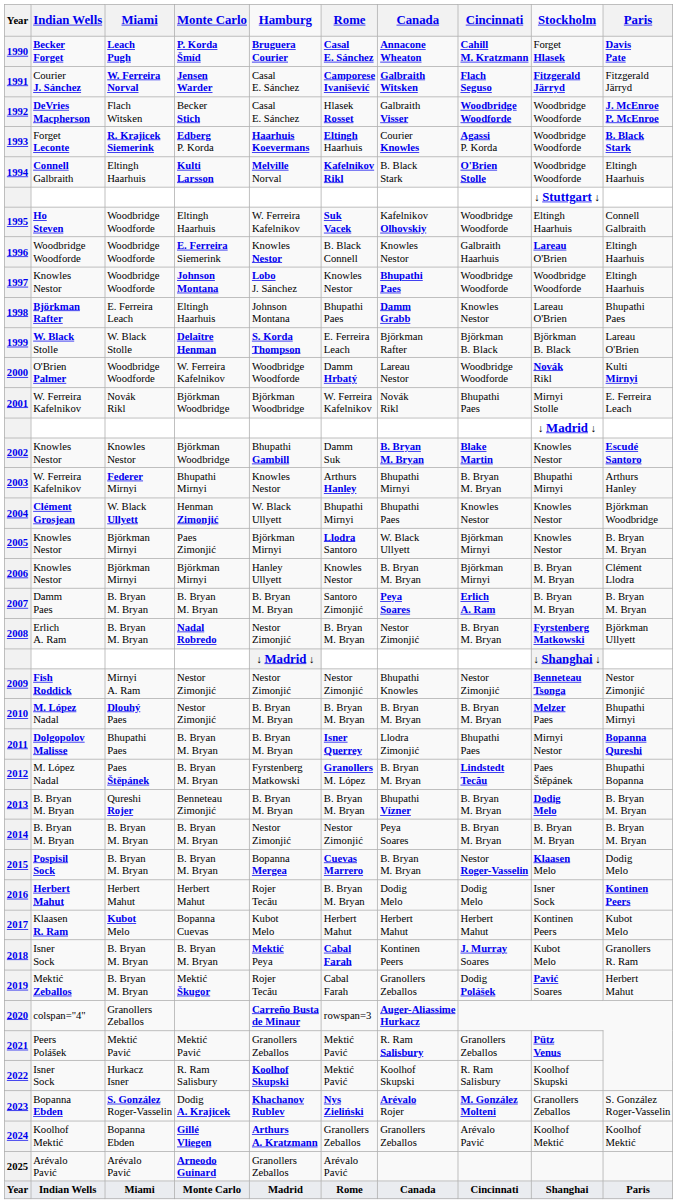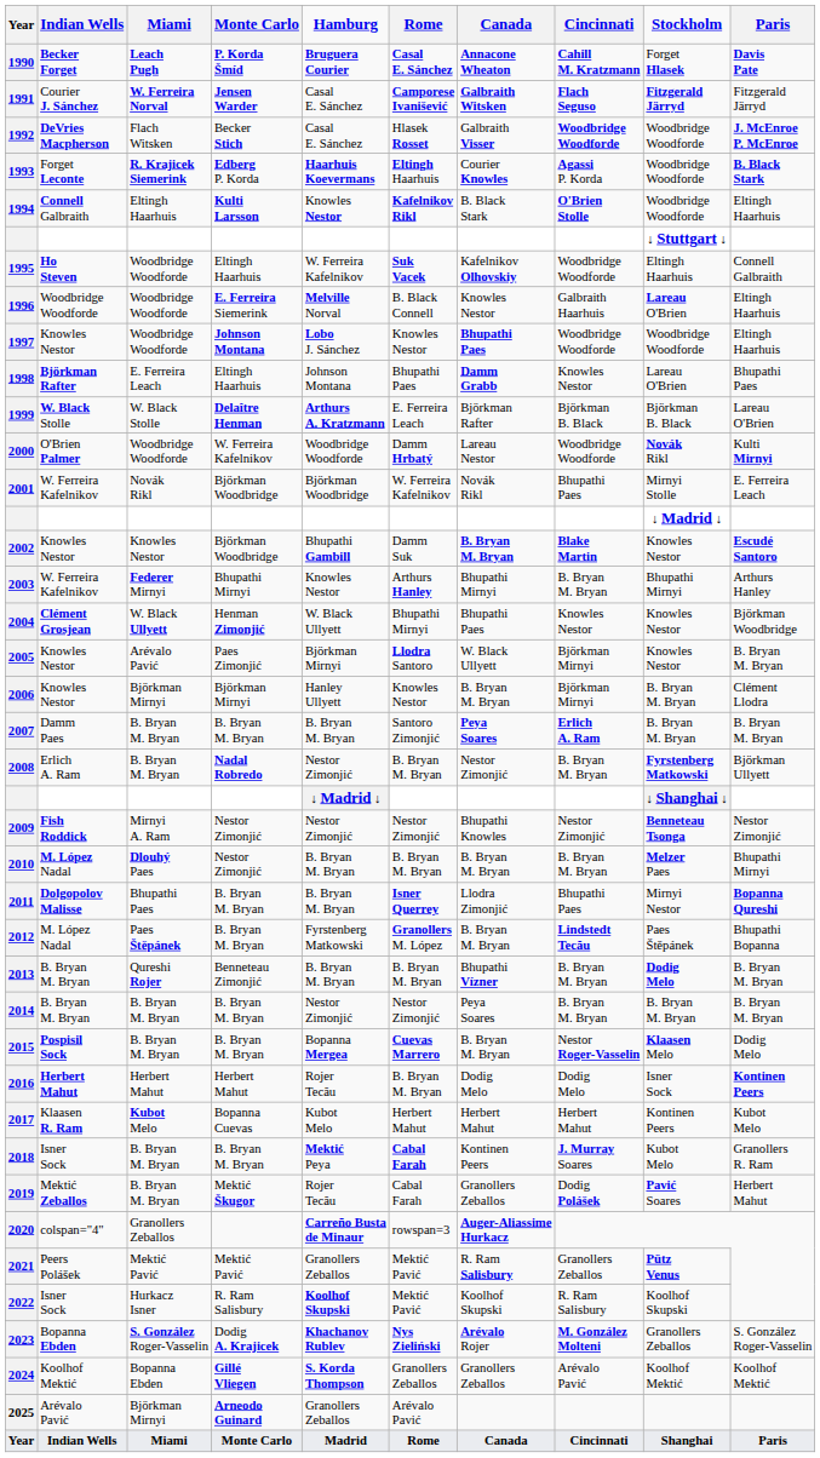 <table class="wikitable nowrap sticky-table-row1 sticky-table-col1" style="font-size:90%">
 <tr style="height:3em">
 <th scope="col">Year</th>
 <th scope="col"><a href='#'><big>Indian Wells</big></a></th>
 <th scope="col"><a href='#'><big>Miami</big></a></th>
 <th scope="col"><a href='#'><big>Monte Carlo</big></a></th>
 <th scope="col" style="background: transparent;"><a href='#'><big>Hamburg</big></a></th>
 <th scope="col"><a href='#'><big>Rome</big></a></th>
 <th scope="col"><a href='#'><big>Canada</big></a></th>
 <th scope="col"><a href='#'><big>Cincinnati</big></a></th>
 <th scope="col" style="background: transparent;"><a href='#'><big>Stockholm</big></a></th>
 <th scope="col"><a href='#'><big>Paris</big></a></th>
 </tr>
 <tr>
 <th scope="row"><a href='#'>1990</a> <br></th>
 <td> <a href='#'><strong>Becker</strong></a> <br> <a href='#'><strong>Forget</strong></a> </td>
 <td> <a href='#'><strong>Leach</strong></a> <br> <a href='#'><strong>Pugh</strong></a> </td>
 <td> <a href='#'><strong>P. Korda</strong></a> <br> <a href='#'><strong>Šmíd</strong></a> </td>
 <td> <a href='#'><strong>Bruguera</strong></a> <br>  <a href='#'><strong>Courier</strong></a> </td>
 <td> <a href='#'><strong>Casal</strong></a>  <br>  <a href='#'><strong>E. Sánchez</strong></a> </td>
 <td> <a href='#'><strong>Annacone</strong></a> <br>  <a href='#'><strong>Wheaton</strong></a> </td>
 <td> <a href='#'><strong>Cahill</strong></a> <br>  <a href='#'><strong>M. Kratzmann</strong></a> </td>
 <td> Forget  <br>  <a href='#'><strong>Hlasek</strong></a> </td>
 <td> <a href='#'><strong>Davis</strong></a> <br>  <a href='#'><strong>Pate</strong></a> </td>
 </tr>
 <tr>
 <th scope="row"><a href='#'>1991</a> <br></th>
 <td> Courier  <br>  <a href='#'><strong>J. Sánchez</strong></a> </td>
 <td> <a href='#'><strong>W. Ferreira</strong></a>  <br>  <a href='#'><strong>Norval</strong></a> </td>
 <td> <a href='#'><strong>Jensen</strong></a> <br>  <a href='#'><strong>Warder</strong></a> </td>
 <td> Casal  <br>  E. Sánchez </td>
 <td> <a href='#'><strong>Camporese</strong></a> <br>  <a href='#'><strong>Ivanišević</strong></a> </td>
 <td> <a href='#'><strong>Galbraith</strong></a>  <br>  <a href='#'><strong>Witsken</strong></a> </td>
 <td> <a href='#'><strong>Flach</strong></a>  <br>  <a href='#'><strong>Seguso</strong></a> </td>
 <td> <a href='#'><strong>Fitzgerald</strong></a>  <br>  <a href='#'><strong>Järryd</strong></a> </td>
 <td> Fitzgerald  <br>  Järryd </td>
 </tr>
 <tr>
 <th scope="row"><a href='#'>1992</a> <br></th>
 <td> <a href='#'><strong>DeVries</strong></a> <br>  <a href='#'><strong>Macpherson</strong></a> </td>
 <td> Flach  <br>  Witsken </td>
 <td> Becker  <br>  <a href='#'><strong>Stich</strong></a> </td>
 <td> Casal  <br>  E. Sánchez </td>
 <td> Hlasek  <br>  <a href='#'><strong>Rosset</strong></a> </td>
 <td> Galbraith  <br>  <a href='#'><strong>Visser</strong></a> </td>
 <td> <a href='#'><strong>Woodbridge</strong></a>  <br>  <a href='#'><strong>Woodforde</strong></a> </td>
 <td> Woodbridge  <br>  Woodforde </td>
 <td> <a href='#'><strong>J. McEnroe</strong></a> <br>  <a href='#'><strong>P. McEnroe</strong></a> </td>
 </tr>
 <tr>
 <th scope="row"><a href='#'>1993</a> <br></th>
 <td> Forget  <br>  <a href='#'><strong>Leconte</strong></a> </td>
 <td> <a href='#'><strong>R. Krajicek</strong></a> <br>  <a href='#'><strong>Siemerink</strong></a> </td>
 <td> <a href='#'><strong>Edberg</strong></a> <br>  P. Korda </td>
 <td> <a href='#'><strong>Haarhuis</strong></a>  <br>  <a href='#'><strong>Koevermans</strong></a> </td>
 <td> <a href='#'><strong>Eltingh</strong></a>  <br>  Haarhuis </td>
 <td> Courier  <br>  <a href='#'><strong>Knowles</strong></a> </td>
 <td> <a href='#'><strong>Agassi</strong></a> <br>  P. Korda </td>
 <td> Woodbridge  <br>  Woodforde </td>
 <td> <a href='#'><strong>B. Black</strong></a>  <br>  <a href='#'><strong>Stark</strong></a> </td>
 </tr>
 <tr>
 <th scope="row"><a href='#'>1994</a> <br></th>
 <td> <a href='#'><strong>Connell</strong></a>  <br>  Galbraith </td>
 <td> Eltingh  <br>  Haarhuis </td>
 <td> <a href='#'><strong>Kulti</strong></a>  <br>  <a href='#'><strong>Larsson</strong></a> </td>
-<td> <a href='#'><strong>Melville</strong></a> <br>  Norval </td>
+<td> Knowles  <br>  <a href='#'><strong>Nestor</strong></a> </td>
 <td> <a href='#'><strong>Kafelnikov</strong></a>  <br>  <a href='#'><strong>Rikl</strong></a> </td>
 <td> B. Black  <br>  Stark </td>
 <td> <a href='#'><strong>O'Brien</strong></a>  <br>  <a href='#'><strong>Stolle</strong></a> </td>
 <td> Woodbridge  <br>  Woodforde </td>
 <td> Eltingh  <br>  Haarhuis </td>
 </tr>
 <tr style="background: #fff;">
 <th scope="row"></th>
 <td></td>
 <td></td>
 <td></td>
 <td></td>
 <td></td>
 <td></td>
 <td></td>
 <td style="text-align: center;">↓ <a href='#'><big><strong>Stuttgart</strong></big></a> ↓</td>
 <td></td>
 </tr>
 <tr>
 <th scope="row"><a href='#'>1995</a> <br></th>
 <td> <a href='#'><strong>Ho</strong></a> <br>  <a href='#'><strong>Steven</strong></a> </td>
 <td> Woodbridge  <br>  Woodforde </td>
 <td> Eltingh  <br>  Haarhuis </td>
 <td> W. Ferreira  <br>  Kafelnikov </td>
 <td> <a href='#'><strong>Suk</strong></a>  <br>  <a href='#'><strong>Vacek</strong></a> </td>
 <td> Kafelnikov  <br>  <a href='#'><strong>Olhovskiy</strong></a> </td>
 <td> Woodbridge  <br>  Woodforde </td>
 <td> Eltingh  <br>  Haarhuis </td>
 <td> Connell  <br>  Galbraith </td>
 </tr>
 <tr>
 <th scope="row"><a href='#'>1996</a> <br></th>
 <td> Woodbridge  <br>  Woodforde </td>
 <td> Woodbridge  <br>  Woodforde </td>
 <td> <a href='#'><strong>E. Ferreira</strong></a>  <br>  Siemerink </td>
-<td> Knowles  <br>  <a href='#'><strong>Nestor</strong></a> </td>
+<td> <a href='#'><strong>Melville</strong></a> <br>  Norval </td>
 <td> B. Black  <br>  Connell </td>
 <td> Knowles  <br>  Nestor </td>
 <td> Galbraith  <br>  Haarhuis </td>
 <td> <a href='#'><strong>Lareau</strong></a>  <br>  O'Brien </td>
 <td> Eltingh  <br>  Haarhuis </td>
 </tr>
 <tr>
 <th scope="row"><a href='#'>1997</a> <br></th>
 <td> Knowles  <br> Nestor </td>
 <td> Woodbridge  <br>  Woodforde </td>
 <td> <a href='#'><strong>Johnson</strong></a>  <br>  <a href='#'><strong>Montana</strong></a> </td>
 <td> <a href='#'><strong>Lobo</strong></a> <br>  J. Sánchez </td>
 <td> Knowles  <br>  Nestor </td>
 <td> <a href='#'><strong>Bhupathi</strong></a>  <br>  <a href='#'><strong>Paes</strong></a> </td>
 <td> Woodbridge  <br>  Woodforde </td>
 <td> Woodbridge  <br>  Woodforde </td>
 <td> Eltingh  <br>  Haarhuis </td>
 </tr>
 <tr>
 <th scope="row"><a href='#'>1998</a> <br></th>
 <td> <a href='#'><strong>Björkman</strong></a>  <br>  <a href='#'><strong>Rafter</strong></a> </td>
 <td> E. Ferreira  <br>  Leach </td>
 <td> Eltingh  <br>  Haarhuis </td>
 <td> Johnson  <br>  Montana </td>
 <td> Bhupathi  <br>  Paes </td>
 <td> <a href='#'><strong>Damm</strong></a>  <br>  <a href='#'><strong>Grabb</strong></a> </td>
 <td> Knowles  <br>  Nestor </td>
 <td> Lareau  <br>  O'Brien </td>
 <td> Bhupathi  <br>  Paes </td>
 </tr>
 <tr>
 <th scope="row"><a href='#'>1999</a> <br></th>
 <td> <a href='#'><strong>W. Black</strong></a>  <br>  Stolle </td>
 <td> W. Black  <br>  Stolle </td>
 <td> <a href='#'><strong>Delaître</strong></a> <br>  <a href='#'><strong>Henman</strong></a> </td>
-<td> <a href='#'><strong>S. Korda</strong></a>  <br> <a href='#'><strong>Thompson</strong></a> </td>
+<td> <a href='#'><strong>Arthurs</strong></a>  <br>  <a href='#'><strong>A. Kratzmann</strong></a> </td>
 <td> E. Ferreira  <br>  Leach </td>
 <td> Björkman  <br>  Rafter </td>
 <td> Björkman  <br>  B. Black </td>
 <td> Björkman  <br>  B. Black </td>
 <td> Lareau  <br>  O'Brien </td>
 </tr>
 <tr>
 <th scope="row"><a href='#'>2000</a> <br></th>
 <td> O'Brien  <br>  <a href='#'><strong>Palmer</strong></a> </td>
 <td> Woodbridge  <br>  Woodforde </td>
 <td> W. Ferreira  <br>  Kafelnikov </td>
 <td> Woodbridge  <br>  Woodforde </td>
 <td> Damm  <br>  <a href='#'><strong>Hrbatý</strong></a> </td>
 <td> Lareau  <br>  Nestor </td>
 <td> Woodbridge  <br>  Woodforde </td>
 <td> <a href='#'><strong>Novák</strong></a>  <br>  Rikl </td>
 <td> Kulti  <br>  <a href='#'><strong>Mirnyi</strong></a> </td>
 </tr>
 <tr>
 <th scope="row"><a href='#'>2001</a> <br></th>
 <td> W. Ferreira  <br>  Kafelnikov </td>
 <td> Novák  <br>  Rikl </td>
 <td> Björkman  <br>  Woodbridge </td>
 <td> Björkman  <br>  Woodbridge </td>
 <td> W. Ferreira  <br>  Kafelnikov </td>
 <td> Novák  <br>  Rikl </td>
 <td> Bhupathi  <br>  Paes </td>
 <td> Mirnyi  <br>  Stolle </td>
 <td> E. Ferreira  <br>  Leach </td>
 </tr>
 <tr style="background: #fff;">
 <th scope="row"></th>
 <td></td>
 <td></td>
 <td></td>
 <td></td>
 <td></td>
 <td></td>
 <td></td>
 <td style="text-align: center;">↓ <a href='#'><big><strong>Madrid</strong></big></a> ↓</td>
 <td></td>
 </tr>
 <tr>
 <th scope="row"><a href='#'>2002</a> <br></th>
 <td> Knowles  <br>  Nestor </td>
 <td> Knowles  <br>  Nestor </td>
 <td> Björkman <br>  Woodbridge </td>
 <td> Bhupathi  <br>  <a href='#'><strong>Gambill</strong></a> </td>
 <td> Damm  <br>  Suk </td>
 <td> <a href='#'><strong>B. Bryan</strong></a>  <br>  <a href='#'><strong>M. Bryan</strong></a> </td>
 <td> <a href='#'><strong>Blake</strong></a> <br>  <a href='#'><strong>Martin</strong></a> </td>
 <td> Knowles  <br>  Nestor </td>
 <td> <a href='#'><strong>Escudé</strong></a> <br>  <a href='#'><strong>Santoro</strong></a> </td>
 </tr>
 <tr>
 <th scope="row"><a href='#'>2003</a> <br></th>
 <td> W. Ferreira  <br>  Kafelnikov </td>
 <td> <a href='#'><strong>Federer</strong></a> <br>  Mirnyi </td>
 <td> Bhupathi  <br>  Mirnyi </td>
 <td> Knowles  <br>  Nestor </td>
 <td> Arthurs  <br>  <a href='#'><strong>Hanley</strong></a> </td>
 <td> Bhupathi  <br>  Mirnyi </td>
 <td> B. Bryan  <br>  M. Bryan </td>
 <td> Bhupathi  <br>  Mirnyi </td>
 <td> Arthurs  <br>  Hanley </td>
 </tr>
 <tr>
 <th scope="row"><a href='#'>2004</a> <br></th>
 <td> <a href='#'><strong>Clément</strong></a>  <br>  <a href='#'><strong>Grosjean</strong></a> </td>
 <td> W. Black  <br>  <a href='#'><strong>Ullyett</strong></a> </td>
 <td> Henman  <br>  <a href='#'><strong>Zimonjić</strong></a> </td>
 <td> W. Black  <br>  Ullyett </td>
 <td> Bhupathi  <br>  Mirnyi </td>
 <td> Bhupathi  <br>  Paes </td>
 <td> Knowles  <br>  Nestor </td>
 <td> Knowles  <br>  Nestor </td>
 <td> Björkman  <br>  Woodbridge </td>
 </tr>
 <tr>
 <th scope="row"><a href='#'>2005</a> <br></th>
 <td> Knowles  <br>  Nestor </td>
-<td> Björkman  <br>  Mirnyi </td>
+<td> Arévalo <br>  Pavić </td>
 <td> Paes  <br>  Zimonjić </td>
 <td> Björkman  <br>  Mirnyi </td>
 <td> <a href='#'><strong>Llodra</strong></a>  <br>  Santoro </td>
 <td> W. Black  <br>  Ullyett </td>
 <td> Björkman  <br>  Mirnyi </td>
 <td> Knowles  <br>  Nestor </td>
 <td> B. Bryan  <br>  M. Bryan </td>
 </tr>
 <tr>
 <th scope="row"><a href='#'>2006</a> <br></th>
 <td> Knowles  <br>  Nestor </td>
 <td> Björkman  <br>  Mirnyi </td>
 <td> Björkman  <br>  Mirnyi </td>
 <td> Hanley  <br>  Ullyett </td>
 <td> Knowles  <br>  Nestor </td>
 <td> B. Bryan  <br> M. Bryan </td>
 <td> Björkman  <br>  Mirnyi </td>
 <td> B. Bryan  <br>  M. Bryan </td>
 <td> Clément  <br>  Llodra </td>
 </tr>
 <tr>
 <th scope="row"><a href='#'>2007</a> <br></th>
 <td> Damm  <br>  Paes </td>
 <td> B. Bryan  <br>  M. Bryan </td>
 <td> B. Bryan  <br>  M. Bryan </td>
 <td> B. Bryan  <br>  M. Bryan </td>
 <td> Santoro  <br>  Zimonjić </td>
 <td> <a href='#'><strong>Peya</strong></a> <br> <a href='#'><strong>Soares</strong></a> </td>
 <td> <a href='#'><strong>Erlich</strong></a>  <br>  <a href='#'><strong>A. Ram</strong></a> </td>
 <td> B. Bryan  <br>  M. Bryan </td>
 <td> B. Bryan  <br>  M. Bryan </td>
 </tr>
 <tr>
 <th scope="row"><a href='#'>2008</a> <br></th>
 <td> Erlich  <br>  A. Ram </td>
 <td> B. Bryan  <br>  M. Bryan </td>
 <td> <a href='#'><strong>Nadal</strong></a>  <br>  <a href='#'><strong>Robredo</strong></a> </td>
 <td> Nestor  <br>  Zimonjić </td>
 <td> B. Bryan  <br>  M. Bryan </td>
 <td> Nestor  <br>  Zimonjić </td>
 <td> B. Bryan  <br>  M. Bryan </td>
 <td> <a href='#'><strong>Fyrstenberg</strong></a>  <br> <a href='#'><strong>Matkowski</strong></a> </td>
 <td> Björkman  <br>  Ullyett </td>
 </tr>
 <tr style="background: #fff;">
 <th scope="row"></th>
 <td></td>
 <td></td>
 <td></td>
 <th scope="row" style="text-align: center;">↓ <a href='#'><big>Madrid</big></a> ↓</th>
 <td></td>
 <td></td>
 <td></td>
 <th scope="row" style="text-align: center;">↓ <a href='#'><big>Shanghai</big></a> ↓</th>
 <td></td>
 </tr>
 <tr>
 <th scope="row"><a href='#'>2009</a> <br></th>
 <td> <a href='#'><strong>Fish</strong></a> <br> <a href='#'><strong>Roddick</strong></a> </td>
 <td> Mirnyi <br> A. Ram </td>
 <td> Nestor <br> Zimonjić </td>
 <td> Nestor <br> Zimonjić </td>
 <td> Nestor <br> Zimonjić </td>
 <td> Bhupathi <br>  Knowles </td>
 <td> Nestor <br> Zimonjić </td>
 <td> <a href='#'><strong>Benneteau</strong></a> <br> <a href='#'><strong>Tsonga</strong></a> </td>
 <td> Nestor <br> Zimonjić </td>
 </tr>
 <tr>
 <th scope="row"><a href='#'>2010</a> <br></th>
 <td> <a href='#'><strong>M. López</strong></a> <br> Nadal </td>
 <td> <a href='#'><strong>Dlouhý</strong></a> <br> Paes </td>
 <td> Nestor <br> Zimonjić </td>
 <td> B. Bryan <br> M. Bryan </td>
 <td> B. Bryan <br> M. Bryan </td>
 <td> B. Bryan <br> M. Bryan </td>
 <td> B. Bryan <br> M. Bryan </td>
 <td> <a href='#'><strong>Melzer</strong></a> <br> Paes </td>
 <td> Bhupathi <br> Mirnyi </td>
 </tr>
 <tr>
 <th scope="row"><a href='#'>2011</a> <br></th>
 <td> <a href='#'><strong>Dolgopolov</strong></a> <br> <a href='#'><strong>Malisse</strong></a> </td>
 <td> Bhupathi <br> Paes </td>
 <td> B. Bryan <br> M. Bryan </td>
 <td> B. Bryan <br> M. Bryan </td>
 <td> <a href='#'><strong>Isner</strong></a> <br> <a href='#'><strong>Querrey</strong></a> </td>
 <td> Llodra <br> Zimonjić </td>
 <td> Bhupathi <br> Paes </td>
 <td> Mirnyi <br> Nestor </td>
 <td> <a href='#'><strong>Bopanna</strong></a> <br> <a href='#'><strong>Qureshi</strong></a> </td>
 </tr>
 <tr>
 <th scope="row"><a href='#'>2012</a> <br></th>
 <td> M. López <br> Nadal </td>
 <td> Paes <br> <a href='#'><strong>Štěpánek</strong></a> </td>
 <td> B. Bryan <br> M. Bryan </td>
 <td> Fyrstenberg <br> Matkowski </td>
 <td> <a href='#'><strong>Granollers</strong></a> <br> M. López </td>
 <td> B. Bryan <br> M. Bryan </td>
 <td> <a href='#'><strong>Lindstedt</strong></a> <br> <a href='#'><strong>Tecău</strong></a> </td>
 <td> Paes <br> Štěpánek </td>
 <td> Bhupathi <br> Bopanna </td>
 </tr>
 <tr>
 <th scope="row"><a href='#'>2013</a> <br></th>
 <td> B. Bryan <br> M. Bryan </td>
 <td> Qureshi <br> <a href='#'><strong>Rojer</strong></a> </td>
 <td> Benneteau <br> Zimonjić </td>
 <td> B. Bryan <br> M. Bryan </td>
 <td> B. Bryan <br> M. Bryan </td>
 <td> Bhupathi  <br>  <a href='#'><strong>Vízner</strong></a> </td>
 <td> B. Bryan <br> M. Bryan </td>
 <td> <a href='#'><strong>Dodig</strong></a> <br> <a href='#'><strong>Melo</strong></a> </td>
 <td> B. Bryan <br> M. Bryan </td>
 </tr>
 <tr>
 <th scope="row"><a href='#'>2014</a> <br></th>
 <td> B. Bryan <br> M. Bryan </td>
 <td> B. Bryan <br> M. Bryan </td>
 <td> B. Bryan <br> M. Bryan </td>
 <td> Nestor <br> Zimonjić </td>
 <td> Nestor <br> Zimonjić </td>
 <td> Peya <br> Soares </td>
 <td> B. Bryan <br> M. Bryan </td>
 <td> B. Bryan <br> M. Bryan </td>
 <td> B. Bryan <br> M. Bryan </td>
 </tr>
 <tr>
 <th scope="row"><a href='#'>2015</a> <br></th>
 <td> <a href='#'><strong>Pospisil</strong></a> <br>  <a href='#'><strong>Sock</strong></a> </td>
 <td> B. Bryan <br> M. Bryan </td>
 <td> B. Bryan <br> M. Bryan </td>
 <td> Bopanna <br> <a href='#'><strong>Mergea</strong></a> </td>
 <td> <a href='#'><strong>Cuevas</strong></a> <br>  <a href='#'><strong>Marrero</strong></a> </td>
 <td> B. Bryan <br>  M. Bryan </td>
 <td> Nestor <br>  <a href='#'><strong>Roger-Vasselin</strong></a> </td>
 <td> <a href='#'><strong>Klaasen</strong></a> <br> Melo </td>
 <td> Dodig <br> Melo </td>
 </tr>
 <tr>
 <th scope="row"><a href='#'>2016</a> <br></th>
 <td> <a href='#'><strong>Herbert</strong></a> <br>  <a href='#'><strong>Mahut</strong></a> </td>
 <td> Herbert <br>  Mahut </td>
 <td> Herbert <br>  Mahut </td>
 <td> Rojer <br> Tecău </td>
 <td> B. Bryan <br> M. Bryan </td>
 <td> Dodig <br> Melo </td>
 <td> Dodig <br> Melo </td>
 <td> Isner <br> Sock </td>
 <td> <a href='#'><strong>Kontinen</strong></a> <br> <a href='#'><strong>Peers</strong></a> </td>
 </tr>
 <tr>
 <th scope="row"><a href='#'>2017</a> <br></th>
 <td> Klaasen <br> <a href='#'><strong>R. Ram</strong></a> </td>
 <td> <a href='#'><strong>Kubot</strong></a> <br> Melo </td>
 <td> Bopanna <br> Cuevas </td>
 <td> Kubot <br> Melo </td>
 <td> Herbert <br>  Mahut </td>
 <td> Herbert <br>  Mahut </td>
 <td> Herbert <br>  Mahut </td>
 <td> Kontinen <br> Peers </td>
 <td> Kubot <br> Melo </td>
 </tr>
 <tr>
 <th scope="row"><a href='#'>2018</a> <br></th>
 <td> Isner <br> Sock </td>
 <td> B. Bryan <br> M. Bryan </td>
 <td> B. Bryan <br> M. Bryan </td>
 <td> <a href='#'><strong>Mektić</strong></a> <br>  Peya </td>
 <td> <a href='#'><strong>Cabal</strong></a> <br>  <a href='#'><strong>Farah</strong></a> </td>
 <td> Kontinen <br> Peers </td>
 <td> <a href='#'><strong>J. Murray</strong></a>  <br> Soares </td>
 <td> Kubot <br> Melo </td>
 <td> Granollers <br> R. Ram </td>
 </tr>
 <tr>
 <th scope="row"><a href='#'>2019</a> <br></th>
 <td> Mektić <br> <a href='#'><strong>Zeballos</strong></a> </td>
 <td> B. Bryan <br> M. Bryan </td>
 <td> Mektić <br> <a href='#'><strong>Škugor</strong></a> </td>
 <td> Rojer <br> Tecău </td>
 <td> Cabal <br>  Farah </td>
 <td> Granollers <br>  Zeballos </td>
 <td> Dodig <br> <a href='#'><strong>Polášek</strong></a> </td>
 <td> <a href='#'><strong>Pavić</strong></a> <br> Soares </td>
 <td> Herbert <br> Mahut </td>
 </tr>
 <tr>
 <th scope="row"><a href='#'>2020</a> <br></th>
 <td>colspan="4" <em></td>
 <td> Granollers <br>  Zeballos </td>
 <td></td>
 <td> <a href='#'><strong>Carreño Busta</strong></a> <br> <a href='#'><strong>de Minaur</strong></a> </td>
 <td>rowspan=3 </td>
 <td> <a href='#'><strong>Auger-Aliassime</strong></a> <br> <a href='#'><strong>Hurkacz</strong></a> </td>
 </tr>
 <tr>
 <th scope="row"><a href='#'>2021</a> <br></th>
 <td> Peers <br> Polášek </td>
 <td> Mektić <br> Pavić </td>
 <td> Mektić <br> Pavić </td>
 <td> Granollers <br>  Zeballos </td>
 <td> Mektić <br> Pavić </td>
 <td> R. Ram <br> <a href='#'><strong>Salisbury</strong></a> </td>
 <td> Granollers <br>  Zeballos </td>
 <td> <a href='#'><strong>Pütz</strong></a> <br>  <a href='#'><strong>Venus</strong></a> </td>
 </tr>
 <tr>
 <th scope="row"><a href='#'>2022</a> <br></th>
 <td> Isner <br> Sock </td>
 <td> Hurkacz <br> Isner </td>
 <td> R. Ram <br> Salisbury </td>
 <td> <a href='#'><strong>Koolhof</strong></a> <br>  <a href='#'><strong>Skupski</strong></a> </td>
 <td> Mektić <br> Pavić </td>
 <td> Koolhof <br>  Skupski </td>
 <td> R. Ram <br> Salisbury </td>
 <td> Koolhof <br>  Skupski </td>
 </tr>
 <tr>
 <th scope="row"><a href='#'>2023</a> <br></th>
 <td> Bopanna <br> <a href='#'><strong>Ebden</strong></a> </td>
 <td> <a href='#'><strong>S. González</strong></a> <br> Roger-Vasselin </td>
 <td> Dodig  <br> <a href='#'><strong>A. Krajicek</strong></a> </td>
 <td> <a href='#'><strong>Khachanov</strong></a>  <br> <a href='#'><strong>Rublev</strong></a> </td>
 <td> <a href='#'><strong>Nys</strong></a> <br> <a href='#'><strong>Zieliński</strong></a> </td>
 <td> <a href='#'><strong>Arévalo</strong></a> <br>  Rojer </td>
 <td> <a href='#'><strong>M. González</strong></a> <br> <a href='#'><strong>Molteni</strong></a> </td>
 <td> Granollers <br>  Zeballos </td>
 <td> S. González <br> Roger-Vasselin </td>
 </tr>
 <tr>
 <th scope="row"><a href='#'>2024</a> <br></th>
 <td> Koolhof <br> Mektić </td>
 <td> Bopanna <br> Ebden </td>
 <td> <a href='#'><strong>Gillé</strong></a>  <br> <a href='#'><strong>Vliegen</strong></a> </td>
-<td> <a href='#'><strong>Arthurs</strong></a>  <br>  <a href='#'><strong>A. Kratzmann</strong></a> </td>
+<td> <a href='#'><strong>S. Korda</strong></a>  <br> <a href='#'><strong>Thompson</strong></a> </td>
 <td> Granollers <br>  Zeballos </td>
 <td> Granollers <br>  Zeballos </td>
 <td> Arévalo <br>  Pavić </td>
 <td> Koolhof <br> Mektić </td>
 <td> Koolhof <br> Mektić </td>
 </tr>
 <tr>
 <th scope="row">2025 <br></th>
 <td> Arévalo <br>  Pavić </td>
-<td> Arévalo <br>  Pavić </td>
+<td> Björkman  <br>  Mirnyi </td>
 <td> <a href='#'><strong>Arneodo</strong></a>  <br> <a href='#'><strong>Guinard</strong></a> </td>
 <td> Granollers <br>  Zeballos </td>
 <td> Arévalo <br>  Pavić </td>
 <td></td>
 <td></td>
 <td></td>
 <td></td>
 </tr>
 <tr style="background-color:#EAECF0; font-weight:bold; text-align:center">
 <td>Year</td>
 <td>Indian Wells</td>
 <td>Miami</td>
 <td>Monte Carlo</td>
 <td>Madrid</td>
 <td>Rome</td>
 <td>Canada</td>
 <td>Cincinnati</td>
 <td>Shanghai</td>
 <td>Paris</td>
 </tr>
 </table>
